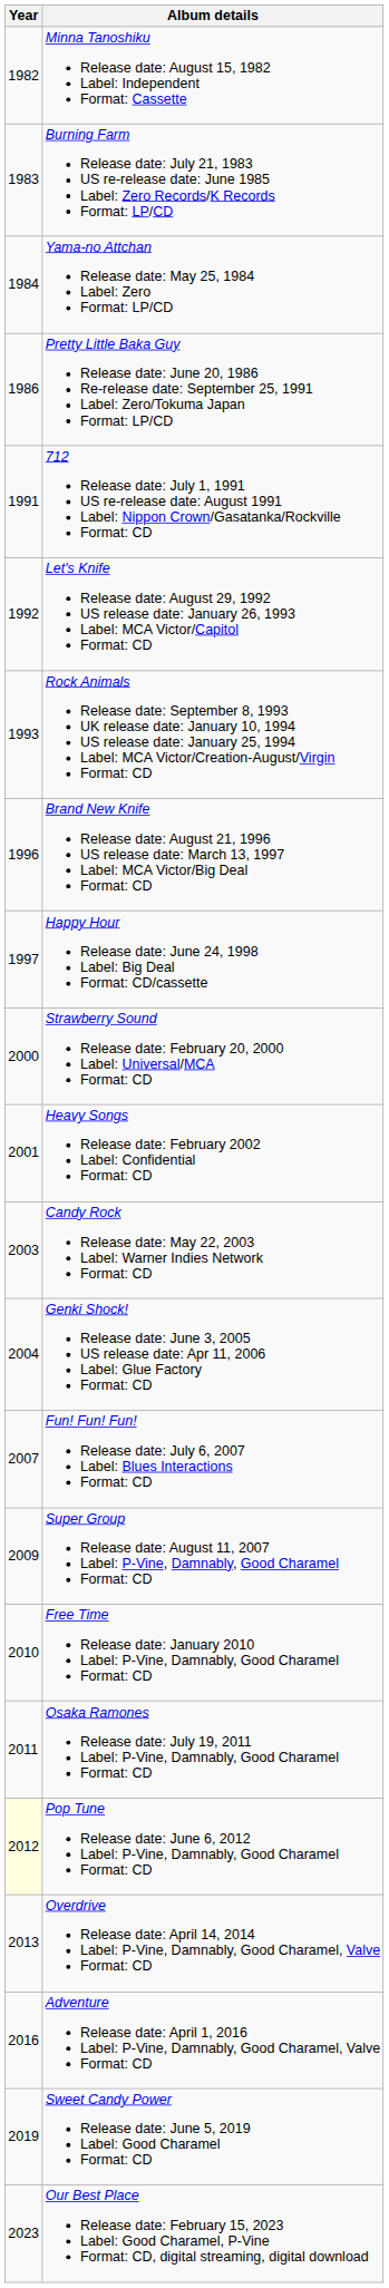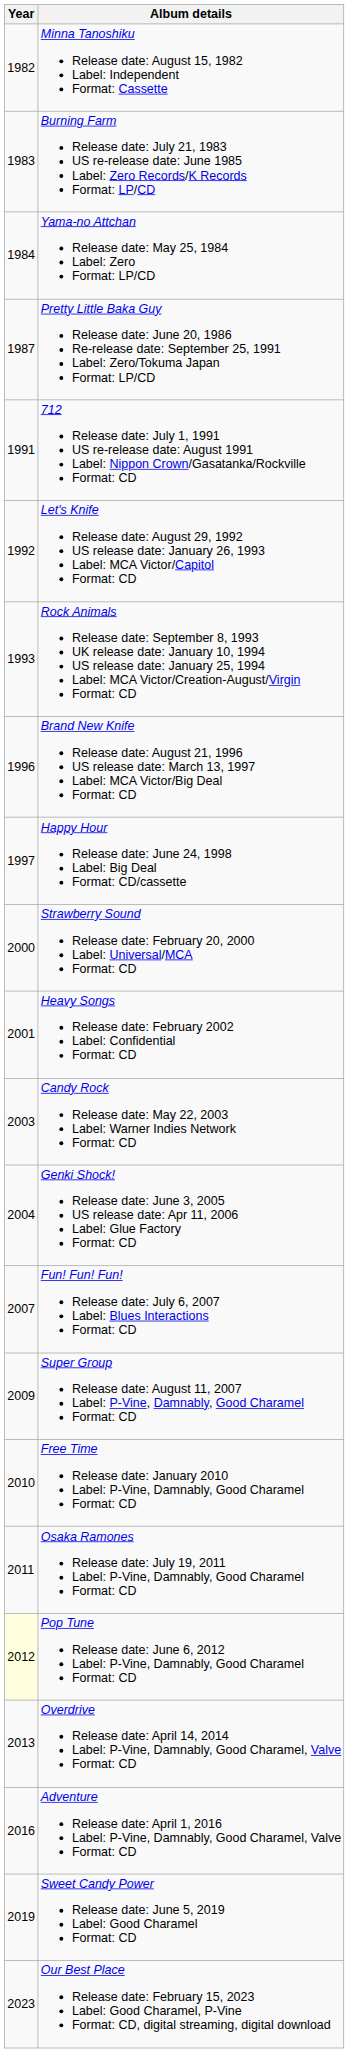 <table class="wikitable">
 <tr>
 <th>Year</th>
 <th>Album details</th>
 </tr>
 <tr>
 <td>1982</td>
 <td><em><a href='#'>Minna Tanoshiku</a></em><br><ul><li>Release date: August 15, 1982</li><li>Label: Independent</li><li>Format: <a href='#'>Cassette</a></li></ul></td>
 </tr>
 <tr>
 <td>1983</td>
 <td><em><a href='#'>Burning Farm</a></em><br><ul><li>Release date: July 21, 1983</li><li>US re-release date: June 1985</li><li>Label: <a href='#'>Zero Records</a>/<a href='#'>K Records</a></li><li>Format: <a href='#'>LP</a>/<a href='#'>CD</a></li></ul></td>
 </tr>
 <tr>
 <td>1984</td>
 <td><em><a href='#'>Yama-no Attchan</a></em><br><ul><li>Release date: May 25, 1984</li><li>Label: Zero</li><li>Format: LP/CD</li></ul></td>
 </tr>
 <tr>
-<td>1986</td>
+<td>1987</td>
 <td><em><a href='#'>Pretty Little Baka Guy</a></em><br><ul><li>Release date: June 20, 1986</li><li>Re-release date: September 25, 1991</li><li>Label: Zero/Tokuma Japan</li><li>Format: LP/CD</li></ul></td>
 </tr>
 <tr>
 <td>1991</td>
 <td><em><a href='#'>712</a></em><br><ul><li>Release date: July 1, 1991</li><li>US re-release date: August 1991</li><li>Label: <a href='#'>Nippon Crown</a>/Gasatanka/Rockville</li><li>Format: CD</li></ul></td>
 </tr>
 <tr>
 <td>1992</td>
 <td><em><a href='#'>Let's Knife</a></em><br><ul><li>Release date: August 29, 1992</li><li>US release date: January 26, 1993</li><li>Label: MCA Victor/<a href='#'>Capitol</a></li><li>Format: CD</li></ul></td>
 </tr>
 <tr>
 <td>1993</td>
 <td><em><a href='#'>Rock Animals</a></em><br><ul><li>Release date: September 8, 1993</li><li>UK release date: January 10, 1994</li><li>US release date: January 25, 1994</li><li>Label: MCA Victor/Creation-August/<a href='#'>Virgin</a></li><li>Format: CD</li></ul></td>
 </tr>
 <tr>
 <td>1996</td>
 <td><em><a href='#'>Brand New Knife</a></em><br><ul><li>Release date: August 21, 1996</li><li>US release date: March 13, 1997</li><li>Label: MCA Victor/Big Deal</li><li>Format: CD</li></ul></td>
 </tr>
 <tr>
 <td>1997</td>
 <td><em><a href='#'>Happy Hour</a></em><br><ul><li>Release date: June 24, 1998</li><li>Label: Big Deal</li><li>Format: CD/cassette</li></ul></td>
 </tr>
 <tr>
 <td>2000</td>
 <td><em><a href='#'>Strawberry Sound</a></em><br><ul><li>Release date: February 20, 2000</li><li>Label: <a href='#'>Universal</a>/<a href='#'>MCA</a></li><li>Format: CD</li></ul></td>
 </tr>
 <tr>
 <td>2001</td>
 <td><em><a href='#'>Heavy Songs</a></em><br><ul><li>Release date: February 2002</li><li>Label: Confidential</li><li>Format: CD</li></ul></td>
 </tr>
 <tr>
 <td>2003</td>
 <td><em><a href='#'>Candy Rock</a></em><br><ul><li>Release date: May 22, 2003</li><li>Label: Warner Indies Network</li><li>Format: CD</li></ul></td>
 </tr>
 <tr>
 <td>2004</td>
 <td><em><a href='#'>Genki Shock!</a></em><br><ul><li>Release date: June 3, 2005</li><li>US release date: Apr 11, 2006</li><li>Label: Glue Factory</li><li>Format: CD</li></ul></td>
 </tr>
 <tr>
 <td>2007</td>
 <td><em><a href='#'>Fun! Fun! Fun!</a></em><br><ul><li>Release date: July 6, 2007</li><li>Label: <a href='#'>Blues Interactions</a></li><li>Format: CD</li></ul></td>
 </tr>
 <tr>
 <td>2009</td>
 <td><em><a href='#'>Super Group</a></em><br><ul><li>Release date: August 11, 2007</li><li>Label: <a href='#'>P-Vine</a>, <a href='#'>Damnably</a>, <a href='#'>Good Charamel</a></li><li>Format: CD</li></ul></td>
 </tr>
 <tr>
 <td>2010</td>
 <td><em><a href='#'>Free Time</a></em><br><ul><li>Release date: January 2010</li><li>Label: P-Vine, Damnably, Good Charamel</li><li>Format: CD</li></ul></td>
 </tr>
 <tr>
 <td>2011</td>
 <td><em><a href='#'>Osaka Ramones</a></em><br><ul><li>Release date: July 19, 2011</li><li>Label: P-Vine, Damnably, Good Charamel</li><li>Format: CD</li></ul></td>
 </tr>
 <tr>
 <td style="background: lightyellow;">2012</td>
 <td><em><a href='#'>Pop Tune</a></em><br><ul><li>Release date: June 6, 2012</li><li>Label: P-Vine, Damnably, Good Charamel</li><li>Format: CD</li></ul></td>
 </tr>
 <tr>
 <td>2013</td>
 <td><em><a href='#'>Overdrive</a></em><br><ul><li>Release date: April 14, 2014</li><li>Label: P-Vine, Damnably, Good Charamel, <a href='#'>Valve</a></li><li>Format: CD</li></ul></td>
 </tr>
 <tr>
 <td>2016</td>
 <td><em><a href='#'>Adventure</a></em><br><ul><li>Release date: April 1, 2016</li><li>Label: P-Vine, Damnably, Good Charamel, Valve</li><li>Format: CD</li></ul></td>
 </tr>
 <tr>
 <td>2019</td>
 <td><em><a href='#'>Sweet Candy Power</a></em><br><ul><li>Release date: June 5, 2019</li><li>Label: Good Charamel</li><li>Format: CD</li></ul></td>
 </tr>
 <tr>
 <td>2023</td>
 <td><em><a href='#'>Our Best Place</a></em><br><ul><li>Release date: February 15, 2023</li><li>Label: Good Charamel, P-Vine</li><li>Format: CD, digital streaming, digital download</li></ul></td>
 </tr>
 </table>
